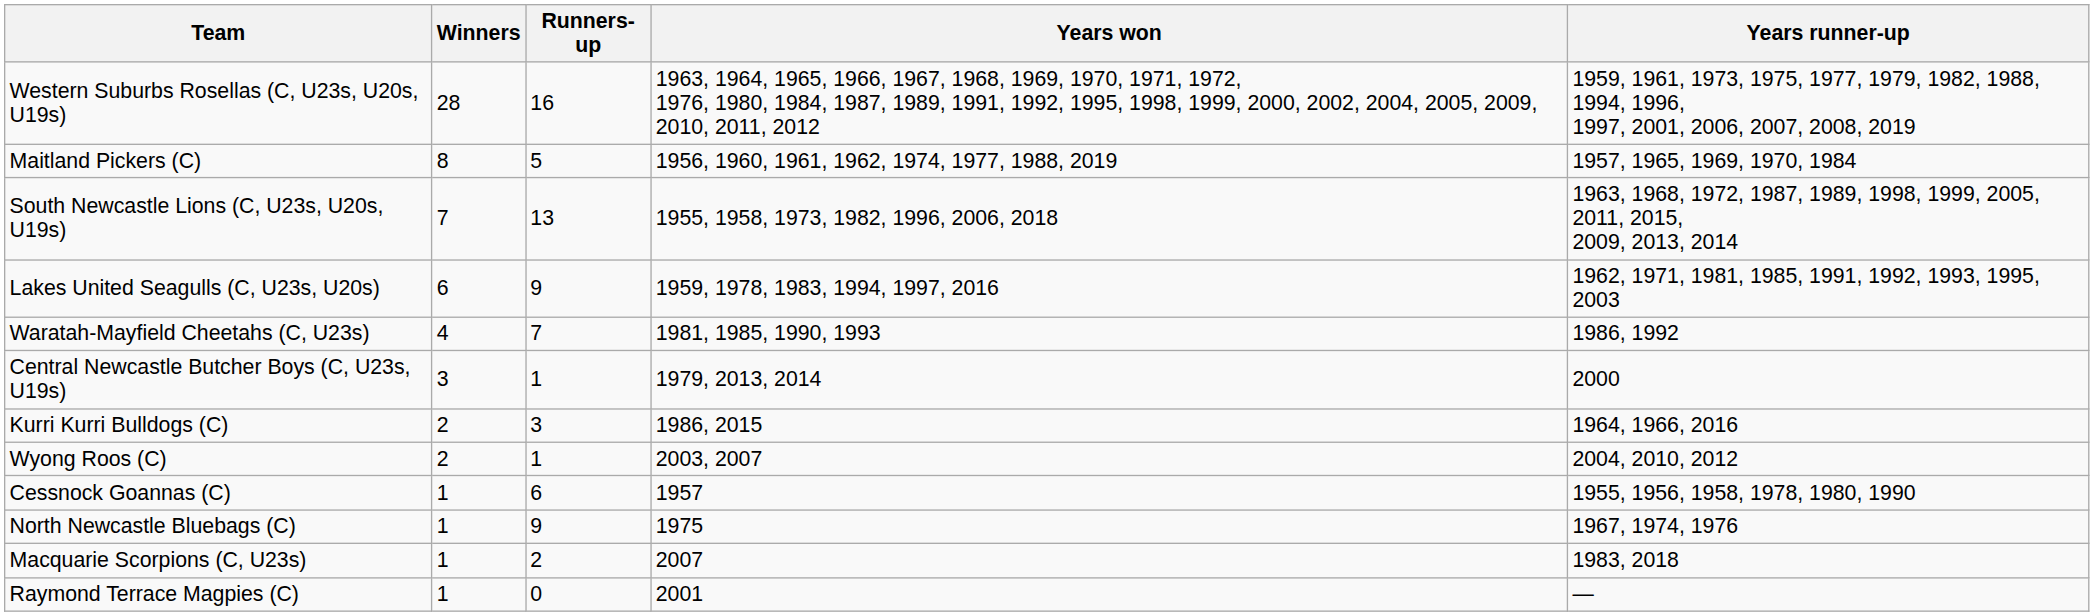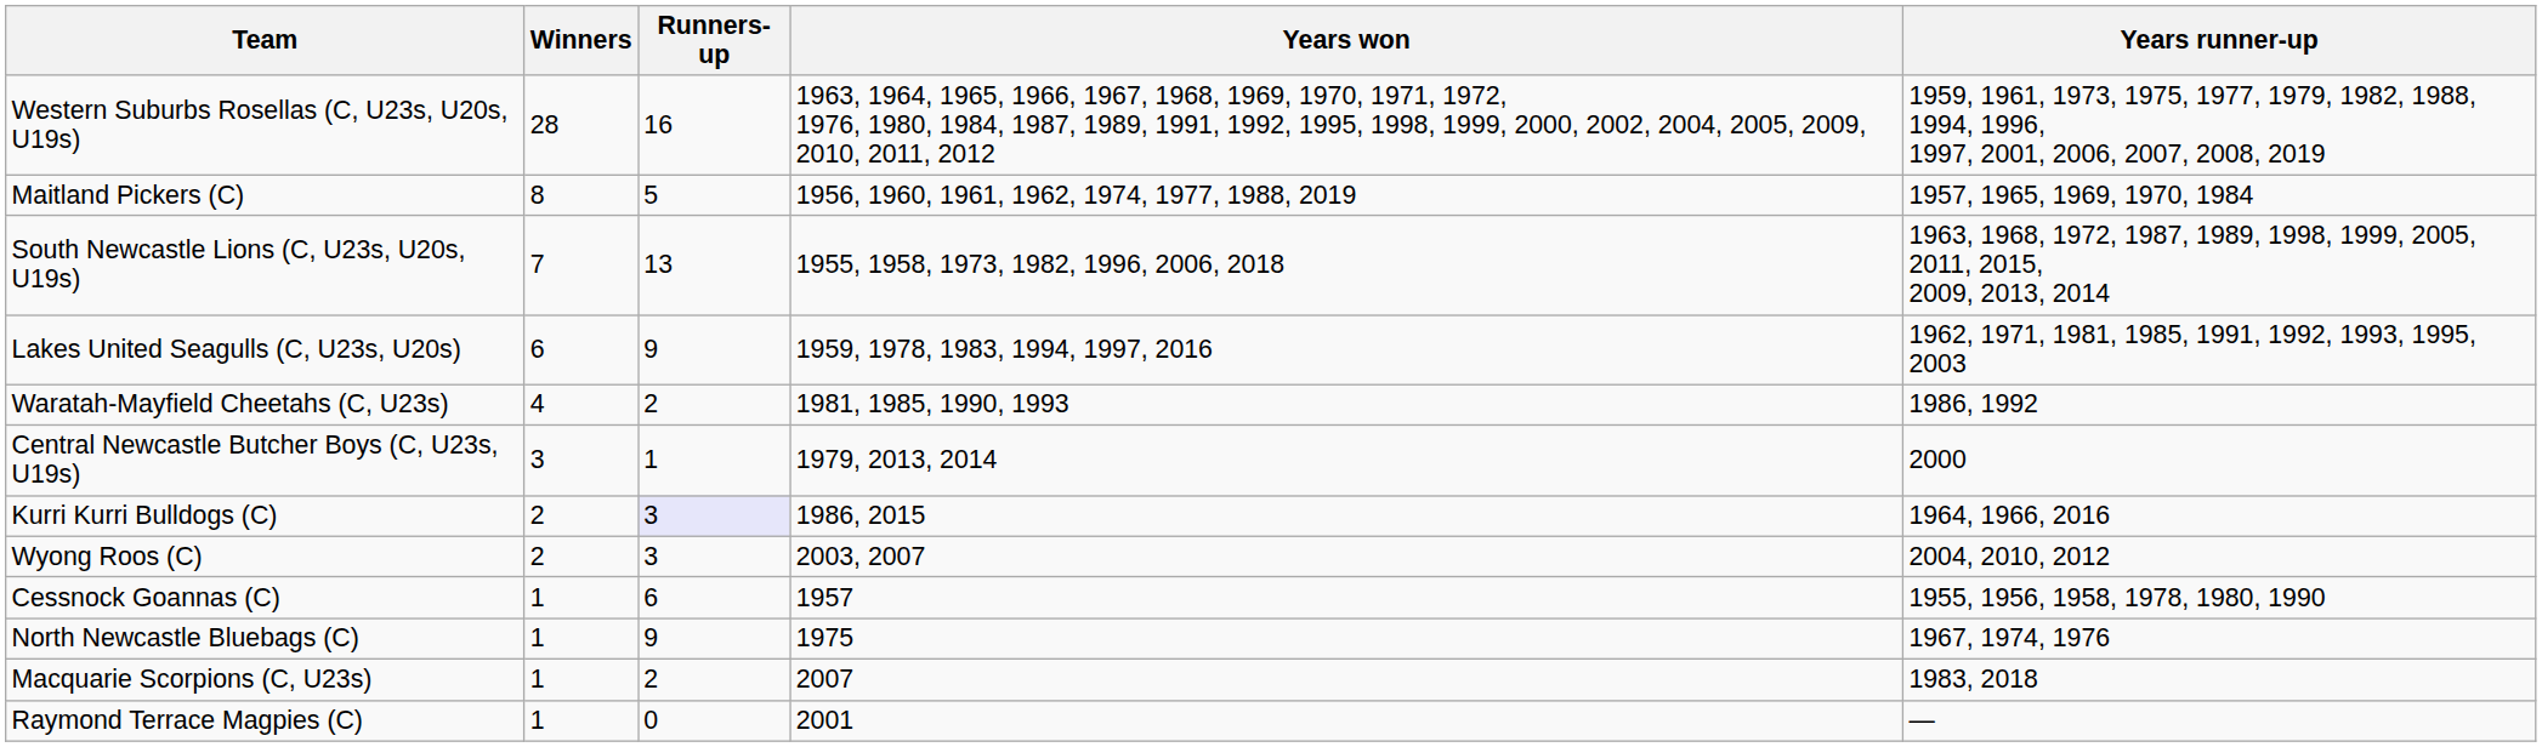 <table class="wikitable sortable">
 <tr>
 <th>Team</th>
 <th>Winners</th>
 <th>Runners-up</th>
 <th>Years won</th>
 <th>Years runner-up</th>
 </tr>
 <tr>
 <td> Western Suburbs Rosellas (C, U23s, U20s, U19s)</td>
 <td>28</td>
 <td>16</td>
 <td>1963, 1964, 1965, 1966, 1967, 1968, 1969, 1970, 1971, 1972,<br>1976, 1980, 1984, 1987, 1989, 1991, 1992, 1995, 1998, 1999, 2000, 2002, 2004, 2005, 2009, 2010, 2011, 2012</td>
 <td>1959, 1961, 1973, 1975, 1977, 1979, 1982, 1988, 1994, 1996,<br>1997, 2001, 2006, 2007, 2008, 2019</td>
 </tr>
 <tr>
 <td> Maitland Pickers (C)</td>
 <td>8</td>
 <td>5</td>
 <td>1956, 1960, 1961, 1962, 1974, 1977, 1988, 2019</td>
 <td>1957, 1965, 1969, 1970, 1984</td>
 </tr>
 <tr>
 <td> South Newcastle Lions (C, U23s, U20s, U19s)</td>
 <td>7</td>
 <td>13</td>
 <td>1955, 1958, 1973, 1982, 1996, 2006, 2018</td>
 <td>1963, 1968, 1972, 1987, 1989, 1998, 1999, 2005, 2011, 2015,<br>2009, 2013, 2014</td>
 </tr>
 <tr>
 <td>  Lakes United Seagulls (C, U23s, U20s)</td>
 <td>6</td>
 <td>9</td>
 <td>1959, 1978, 1983, 1994, 1997, 2016</td>
 <td>1962, 1971, 1981, 1985, 1991, 1992, 1993, 1995, 2003</td>
 </tr>
 <tr>
 <td> Waratah-Mayfield Cheetahs (C, U23s)</td>
 <td>4</td>
-<td>7</td>
+<td>2</td>
 <td>1981, 1985, 1990, 1993</td>
 <td>1986, 1992</td>
 </tr>
 <tr>
 <td> Central Newcastle Butcher Boys (C, U23s, U19s)</td>
 <td>3</td>
 <td>1</td>
 <td>1979, 2013, 2014</td>
 <td>2000</td>
 </tr>
 <tr>
 <td> Kurri Kurri Bulldogs (C)</td>
 <td>2</td>
-<td>3</td>
+<td style="background: lavender;">3</td>
 <td>1986, 2015</td>
 <td>1964, 1966, 2016</td>
 </tr>
 <tr>
 <td> Wyong Roos (C)</td>
 <td>2</td>
-<td>1</td>
+<td>3</td>
 <td>2003, 2007</td>
 <td>2004, 2010, 2012</td>
 </tr>
 <tr>
 <td> Cessnock Goannas (C)</td>
 <td>1</td>
 <td>6</td>
 <td>1957</td>
 <td>1955, 1956, 1958, 1978, 1980, 1990</td>
 </tr>
 <tr>
 <td> North Newcastle Bluebags (C)</td>
 <td>1</td>
 <td>9</td>
 <td>1975</td>
 <td>1967, 1974, 1976</td>
 </tr>
 <tr>
 <td> Macquarie Scorpions (C, U23s)</td>
 <td>1</td>
 <td>2</td>
 <td>2007</td>
 <td>1983, 2018</td>
 </tr>
 <tr>
 <td> Raymond Terrace Magpies (C)</td>
 <td>1</td>
 <td>0</td>
 <td>2001</td>
 <td>—</td>
 </tr>
 </table>
